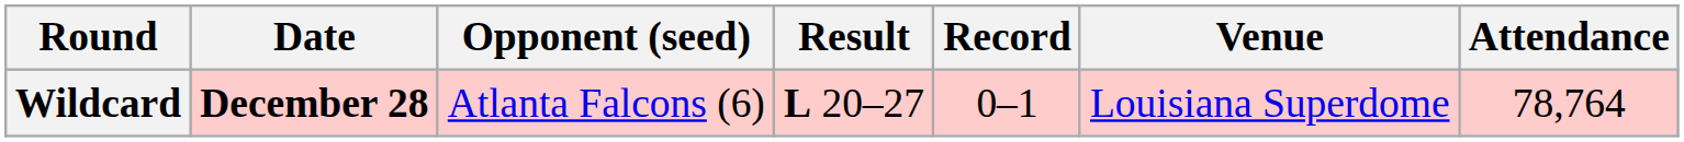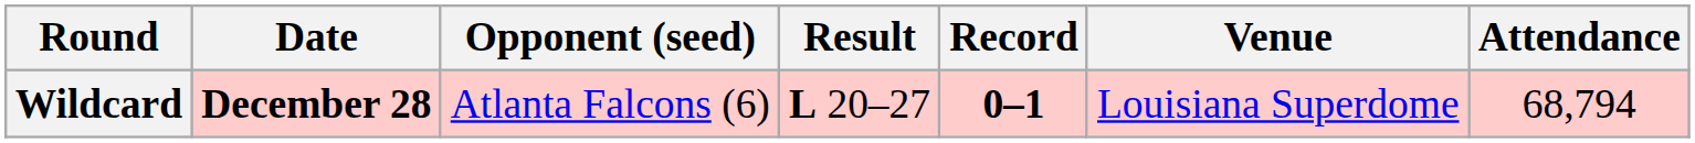 <table class="wikitable" style="text-align:center">
 <tr>
 <th>Round</th>
 <th>Date</th>
 <th>Opponent (seed)</th>
 <th>Result</th>
 <th>Record</th>
 <th>Venue</th>
 <th>Attendance</th>
 </tr>
 <tr style="background:#fcc">
 <th>Wildcard</th>
 <td><strong>December 28</strong></td>
 <td><a href='#'>Atlanta Falcons</a> (6)</td>
 <td><strong>L</strong> 20–27</td>
-<td>0–1</td>
+<td><strong>0–1</strong></td>
 <td><a href='#'>Louisiana Superdome</a></td>
-<td>78,764</td>
+<td>68,794</td>
 </tr>
 </table>
